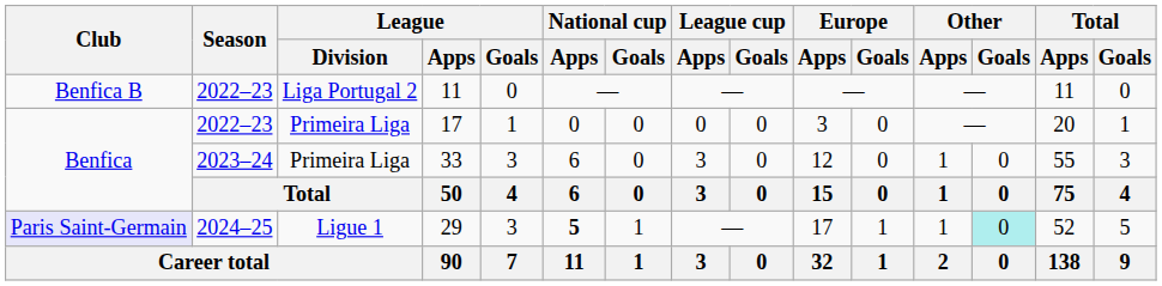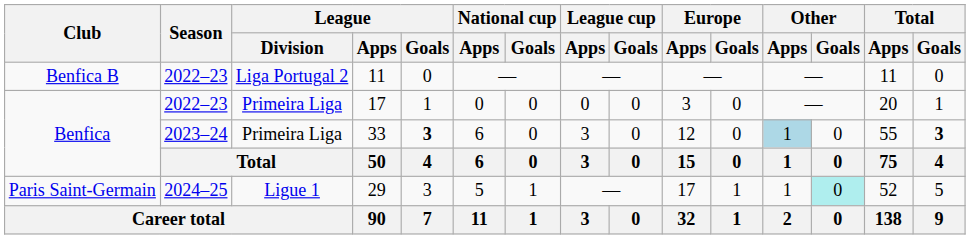 <table class="wikitable" style="text-align: center">
 <tr>
 <th rowspan="2">Club</th>
 <th rowspan="2">Season</th>
 <th colspan="3">League</th>
 <th colspan="2">National cup</th>
 <th colspan="2">League cup</th>
 <th colspan="2">Europe</th>
 <th colspan="2">Other</th>
 <th colspan="2">Total</th>
 </tr>
 <tr>
 <th>Division</th>
 <th>Apps</th>
 <th>Goals</th>
 <th>Apps</th>
 <th>Goals</th>
 <th>Apps</th>
 <th>Goals</th>
 <th>Apps</th>
 <th>Goals</th>
 <th>Apps</th>
 <th>Goals</th>
 <th>Apps</th>
 <th>Goals</th>
 </tr>
 <tr>
 <td><a href='#'>Benfica B</a></td>
 <td><a href='#'>2022–23</a></td>
 <td><a href='#'>Liga Portugal 2</a></td>
 <td>11</td>
 <td>0</td>
 <td colspan="2">—</td>
 <td colspan="2">—</td>
 <td colspan="2">—</td>
 <td colspan="2">—</td>
 <td>11</td>
 <td>0</td>
 </tr>
 <tr>
 <td rowspan="3"><a href='#'>Benfica</a></td>
 <td><a href='#'>2022–23</a></td>
 <td><a href='#'>Primeira Liga</a></td>
 <td>17</td>
 <td>1</td>
 <td>0</td>
 <td>0</td>
 <td>0</td>
 <td>0</td>
 <td>3</td>
 <td>0</td>
 <td colspan="2">—</td>
 <td>20</td>
 <td>1</td>
 </tr>
 <tr>
 <td><a href='#'>2023–24</a></td>
 <td>Primeira Liga</td>
 <td>33</td>
-<td>3</td>
+<td><strong>3</strong></td>
 <td>6</td>
 <td>0</td>
 <td>3</td>
 <td>0</td>
 <td>12</td>
 <td>0</td>
-<td>1</td>
+<td style="background: lightblue;">1</td>
 <td>0</td>
 <td>55</td>
-<td>3</td>
+<td><strong>3</strong></td>
 </tr>
 <tr>
 <th colspan="2">Total</th>
 <th>50</th>
 <th>4</th>
 <th>6</th>
 <th>0</th>
 <th>3</th>
 <th>0</th>
 <th>15</th>
 <th>0</th>
 <th>1</th>
 <th>0</th>
 <th>75</th>
 <th>4</th>
 </tr>
 <tr>
-<td style="background: lavender;"><a href='#'>Paris Saint-Germain</a></td>
+<td><a href='#'>Paris Saint-Germain</a></td>
 <td><a href='#'>2024–25</a></td>
 <td><a href='#'>Ligue 1</a></td>
 <td>29</td>
 <td>3</td>
-<td><strong>5</strong></td>
+<td>5</td>
 <td>1</td>
 <td colspan="2">—</td>
 <td>17</td>
 <td>1</td>
 <td>1</td>
 <td style="background: paleturquoise;">0</td>
 <td>52</td>
 <td>5</td>
 </tr>
 <tr>
 <th colspan="3">Career total</th>
 <th>90</th>
 <th>7</th>
 <th>11</th>
 <th>1</th>
 <th>3</th>
 <th>0</th>
 <th>32</th>
 <th>1</th>
 <th>2</th>
 <th>0</th>
 <th>138</th>
 <th>9</th>
 </tr>
 </table>
